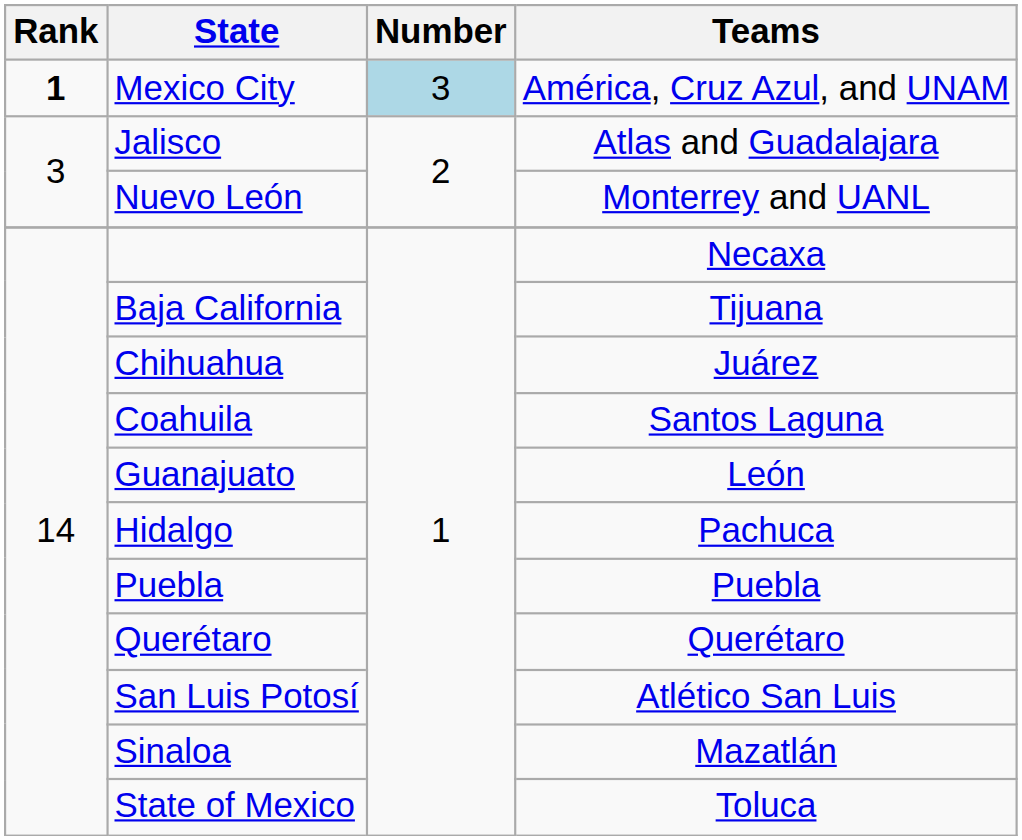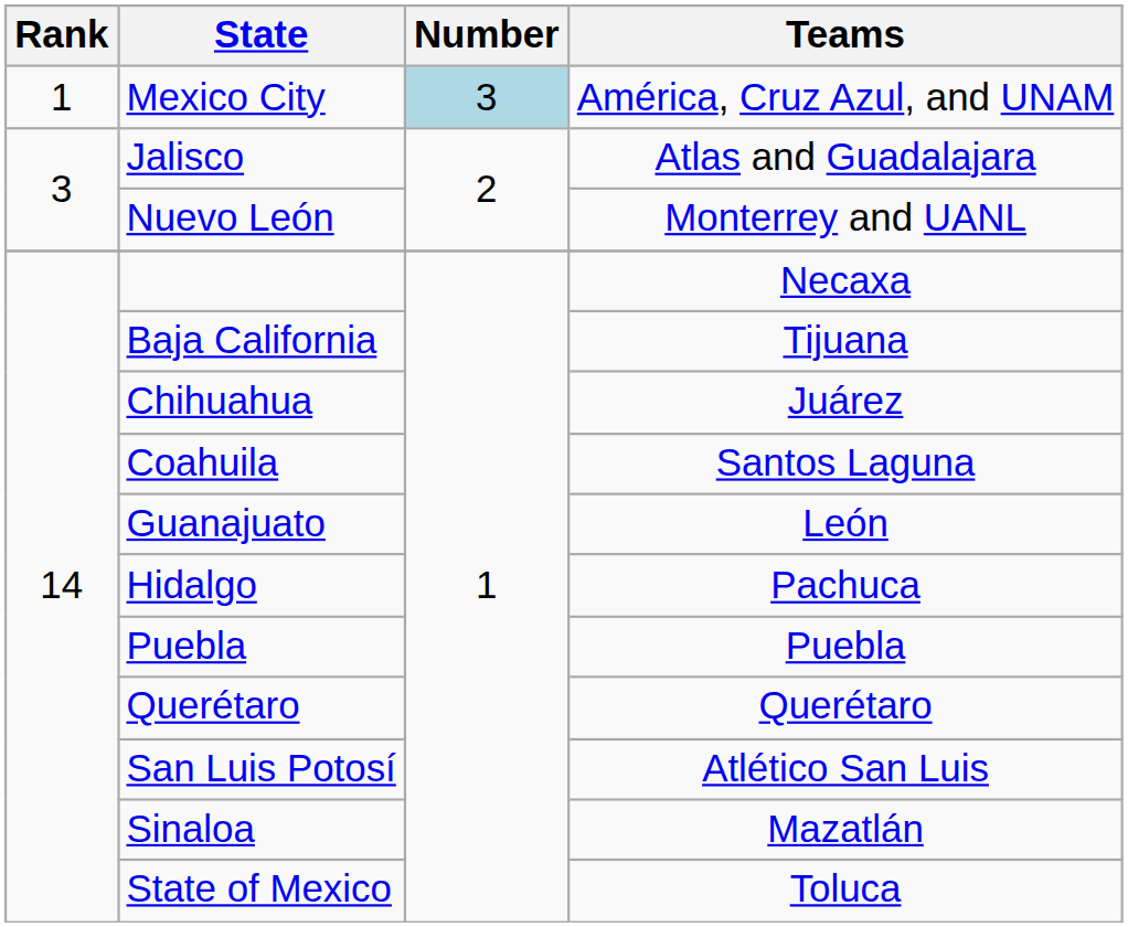 <table class="wikitable">
 <tr>
 <th>Rank</th>
 <th><a href='#'>State</a></th>
 <th>Number</th>
 <th>Teams</th>
 </tr>
 <tr>
-<td align=center><strong>1</strong></td>
+<td align=center>1</td>
 <td> <a href='#'>Mexico City</a></td>
 <td align=center style="background: lightblue;">3</td>
 <td align=center><a href='#'>América</a>, <a href='#'>Cruz Azul</a>, and <a href='#'>UNAM</a></td>
 </tr>
 <tr>
 <td rowspan=2 align=center>3</td>
 <td> <a href='#'>Jalisco</a></td>
 <td rowspan=2 align=center>2</td>
 <td align=center><a href='#'>Atlas</a> and <a href='#'>Guadalajara</a></td>
 </tr>
 <tr>
 <td> <a href='#'>Nuevo León</a></td>
 <td align=center><a href='#'>Monterrey</a> and <a href='#'>UANL</a></td>
 </tr>
 <tr>
 </tr>
 <tr>
 <td rowspan=11 align=center>14</td>
 <td></td>
 <td rowspan=11 align=center>1</td>
 <td align=center><a href='#'>Necaxa</a></td>
 </tr>
 <tr>
 <td> <a href='#'>Baja California</a></td>
 <td align=center><a href='#'>Tijuana</a></td>
 </tr>
 <tr>
 <td> <a href='#'>Chihuahua</a></td>
 <td align=center><a href='#'>Juárez</a></td>
 </tr>
 <tr>
 <td> <a href='#'>Coahuila</a></td>
 <td align=center><a href='#'>Santos Laguna</a></td>
 </tr>
 <tr>
 <td> <a href='#'>Guanajuato</a></td>
 <td align=center><a href='#'>León</a></td>
 </tr>
 <tr>
 <td> <a href='#'>Hidalgo</a></td>
 <td align=center><a href='#'>Pachuca</a></td>
 </tr>
 <tr>
 <td> <a href='#'>Puebla</a></td>
 <td align=center><a href='#'>Puebla</a></td>
 </tr>
 <tr>
 <td> <a href='#'>Querétaro</a></td>
 <td align=center><a href='#'>Querétaro</a></td>
 </tr>
 <tr>
 <td> <a href='#'>San Luis Potosí</a></td>
 <td align=center><a href='#'>Atlético San Luis</a></td>
 </tr>
 <tr>
 <td> <a href='#'>Sinaloa</a></td>
 <td align=center><a href='#'>Mazatlán</a></td>
 </tr>
 <tr>
 <td> <a href='#'>State of Mexico</a></td>
 <td align=center><a href='#'>Toluca</a></td>
 </tr>
 </table>
